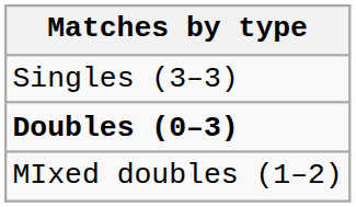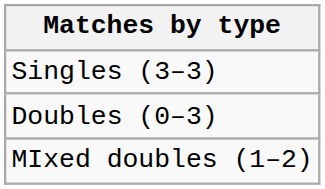 <table class="wikitable" style=font-size:90%>
 <tr>
 <th>Matches by type</th>
 </tr>
 <tr>
 <td>Singles (3–3)</td>
 </tr>
 <tr>
-<td><strong>Doubles (0–3)</strong></td>
+<td>Doubles (0–3)</td>
 </tr>
 <tr>
 <td>MIxed doubles (1–2)</td>
 </tr>
 </table>
